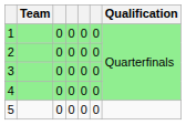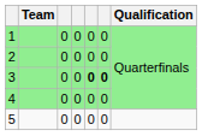 <table class="wikitable">
 <tr>
 <th></th>
 <th>Team</th>
 <th></th>
 <th></th>
 <th></th>
 <th></th>
 <th>Qualification</th>
 </tr>
 <tr bgcolor=lightgreen>
 <td>1</td>
 <td></td>
 <td>0</td>
 <td>0</td>
 <td>0</td>
 <td>0</td>
 <td rowspan=4>Quarterfinals</td>
 </tr>
 <tr bgcolor=lightgreen>
 <td>2</td>
 <td></td>
 <td>0</td>
 <td>0</td>
 <td>0</td>
 <td>0</td>
 </tr>
 <tr bgcolor=lightgreen>
 <td>3</td>
 <td></td>
 <td>0</td>
 <td>0</td>
-<td>0</td>
-<td>0</td>
+<td><strong>0</strong></td>
+<td><strong>0</strong></td>
 </tr>
 <tr bgcolor=lightgreen>
 <td>4</td>
 <td></td>
 <td>0</td>
 <td>0</td>
 <td>0</td>
 <td>0</td>
 </tr>
 <tr>
 <td>5</td>
 <td></td>
 <td>0</td>
 <td>0</td>
 <td>0</td>
 <td>0</td>
 <td></td>
 </tr>
 </table>
